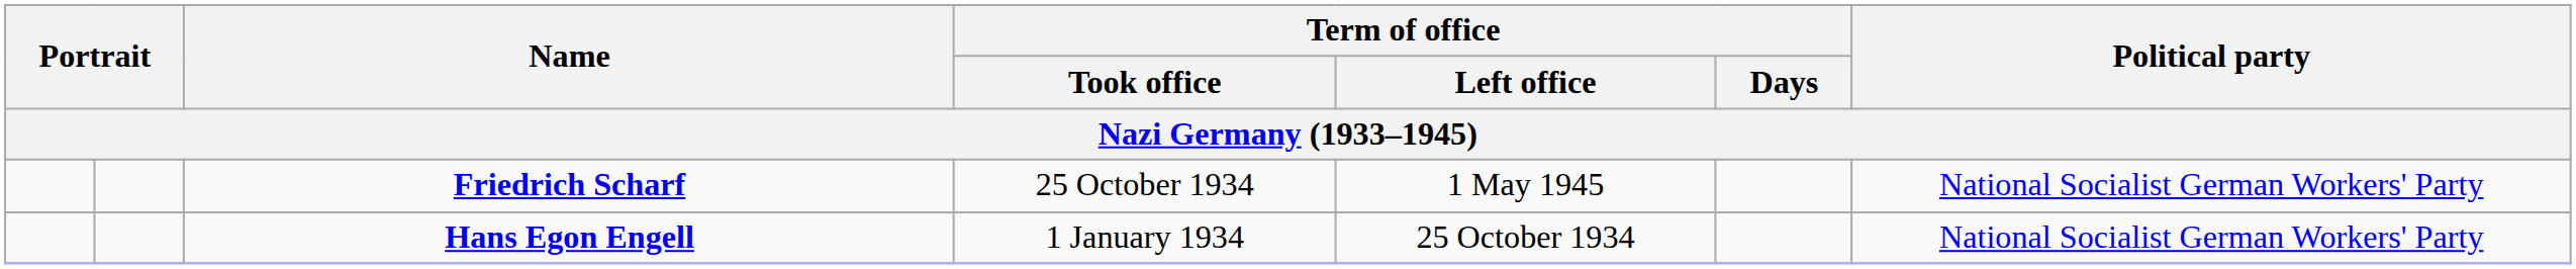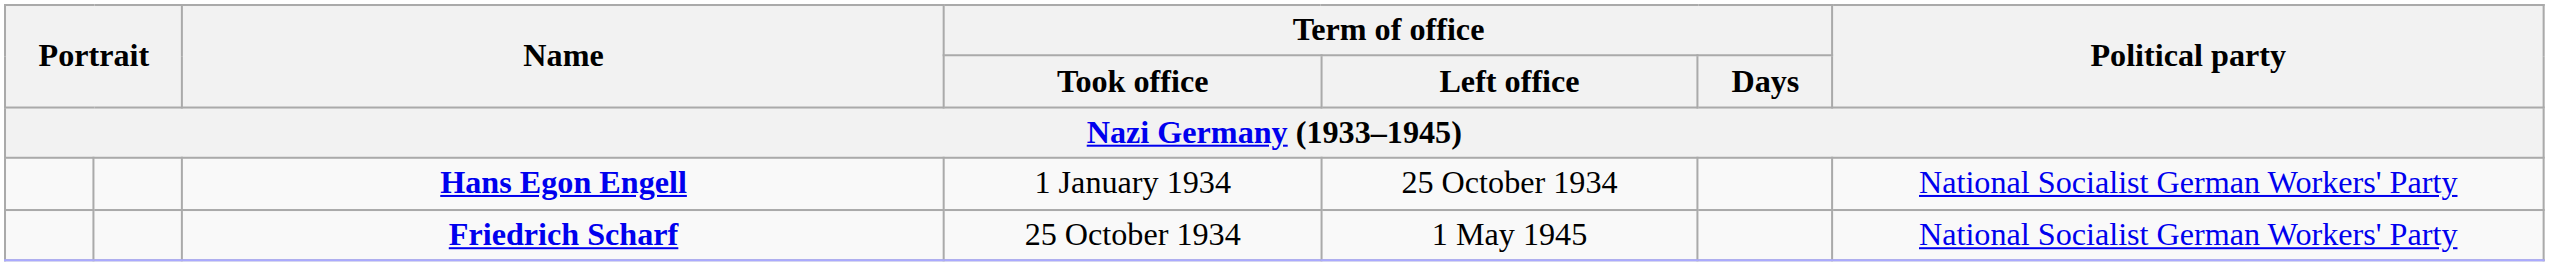 <table class="wikitable" style="text-align:center; width:100%; border:1px #AAAAFF solid">
 <tr>
 <th width=80px rowspan=2 colspan=2>Portrait</th>
 <th width=30% rowspan=2>Name<br></th>
 <th width=35% colspan=3>Term of office</th>
 <th width=28% rowspan=2>Political party</th>
 </tr>
 <tr>
 <th>Took office</th>
 <th>Left office</th>
 <th>Days</th>
 </tr>
 <tr>
 <th colspan="7"><a href='#'>Nazi Germany</a> (1933–1945)</th>
 </tr>
 <tr>
 <td style="background:"></td>
 <td></td>
+<td><strong><a href='#'>Hans Egon Engell</a></strong><br></td>
+<td>1 January 1934</td>
+<td>25 October 1934</td>
+<td></td>
+<td><a href='#'>National Socialist German Workers' Party</a></td>
+</tr>
+<tr>
+<td style="background:"></td>
+<td></td>
 <td><strong><a href='#'>Friedrich Scharf</a></strong><br></td>
 <td>25 October 1934</td>
 <td>1 May 1945</td>
 <td></td>
 <td><a href='#'>National Socialist German Workers' Party</a></td>
 </tr>
 <tr>
-<td style="background:"></td>
-<td></td>
-<td><strong><a href='#'>Hans Egon Engell</a></strong><br></td>
-<td>1 January 1934</td>
-<td>25 October 1934</td>
-<td></td>
-<td><a href='#'>National Socialist German Workers' Party</a></td>
-</tr>
-<tr>
 </tr>
 </table>
